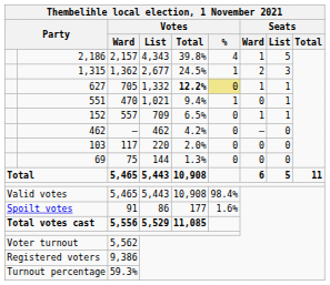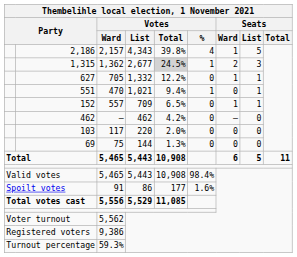 <table class=wikitable style="text-align:right">
 <tr>
 <th colspan="9" align="center">Thembelihle local election, 1 November 2021</th>
 </tr>
 <tr>
 <th rowspan="2" colspan="2">Party</th>
 <th colspan="4" align="center">Votes</th>
 <th colspan="3" align="center">Seats</th>
 </tr>
 <tr>
 <th>Ward</th>
 <th>List</th>
 <th>Total</th>
 <th>%</th>
 <th>Ward</th>
 <th>List</th>
 <th>Total</th>
 </tr>
 <tr>
 <td></td>
 <td>2,186</td>
 <td>2,157</td>
 <td>4,343</td>
 <td>39.8%</td>
 <td>4</td>
 <td>1</td>
 <td>5</td>
 </tr>
 <tr>
 <td></td>
 <td>1,315</td>
 <td>1,362</td>
 <td>2,677</td>
-<td>24.5%</td>
+<td style="background: lightgrey;">24.5%</td>
 <td>1</td>
 <td>2</td>
 <td>3</td>
 </tr>
 <tr>
 <td></td>
 <td>627</td>
 <td>705</td>
 <td>1,332</td>
-<td><strong>12.2%</strong></td>
-<td style="background: khaki;">0</td>
+<td>12.2%</td>
+<td>0</td>
 <td>1</td>
 <td>1</td>
 </tr>
 <tr>
 <td></td>
 <td>551</td>
 <td>470</td>
 <td>1,021</td>
 <td>9.4%</td>
 <td>1</td>
 <td>0</td>
 <td>1</td>
 </tr>
 <tr>
 <td></td>
 <td>152</td>
 <td>557</td>
 <td>709</td>
 <td>6.5%</td>
 <td>0</td>
 <td>1</td>
 <td>1</td>
 </tr>
 <tr>
 <td></td>
 <td>462</td>
 <td>–</td>
 <td>462</td>
 <td>4.2%</td>
 <td>0</td>
 <td>–</td>
 <td>0</td>
 </tr>
 <tr>
 <td></td>
 <td>103</td>
 <td>117</td>
 <td>220</td>
 <td>2.0%</td>
 <td>0</td>
 <td>0</td>
 <td>0</td>
 </tr>
 <tr>
 <td></td>
 <td>69</td>
 <td>75</td>
 <td>144</td>
 <td>1.3%</td>
 <td>0</td>
 <td>0</td>
 <td>0</td>
 </tr>
 <tr>
 <td colspan="2" style="text-align:left"><strong>Total</strong></td>
 <td><strong>5,465</strong></td>
 <td><strong>5,443</strong></td>
 <td><strong>10,908</strong></td>
 <td></td>
 <td><strong>6</strong></td>
 <td><strong>5</strong></td>
 <td><strong>11</strong></td>
 </tr>
 <tr>
 <td colspan="9"></td>
 </tr>
 <tr>
 <td colspan="2" style="text-align:left">Valid votes</td>
 <td>5,465</td>
 <td>5,443</td>
 <td>10,908</td>
 <td>98.4%</td>
 </tr>
 <tr>
 <td colspan="2" style="text-align:left"><a href='#'>Spoilt votes</a></td>
 <td>91</td>
 <td>86</td>
 <td>177</td>
 <td>1.6%</td>
 </tr>
 <tr>
 <td colspan="2" style="text-align:left"><strong>Total votes cast</strong></td>
 <td><strong>5,556</strong></td>
 <td><strong>5,529</strong></td>
 <td><strong>11,085</strong></td>
 <td></td>
 </tr>
 <tr>
 <td colspan="6"></td>
 </tr>
 <tr>
 <td colspan="2" style="text-align:left">Voter turnout</td>
 <td>5,562</td>
 </tr>
 <tr>
 <td colspan="2" style="text-align:left">Registered voters</td>
 <td>9,386</td>
 </tr>
 <tr>
 <td colspan="2" style="text-align:left">Turnout percentage</td>
 <td>59.3%</td>
 </tr>
 </table>
